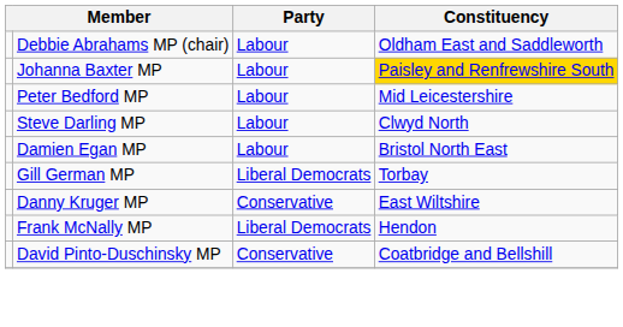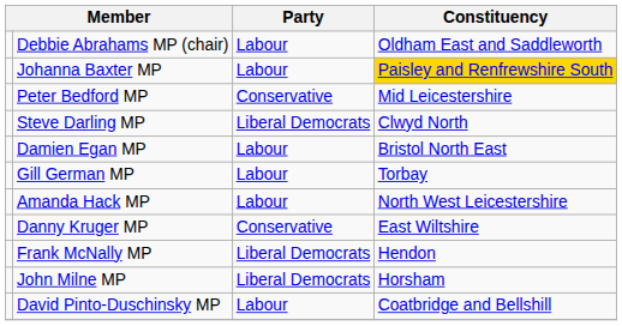 <table class="wikitable">
 <tr>
 <th colspan="2" valign="top">Member</th>
 <th valign="top">Party</th>
 <th valign="top">Constituency</th>
 </tr>
 <tr>
 <td style="color:inherit;background:"></td>
 <td><a href='#'>Debbie Abrahams</a> MP (chair)</td>
 <td><a href='#'>Labour</a></td>
 <td><a href='#'>Oldham East and Saddleworth</a></td>
 </tr>
 <tr>
 <td style="color:inherit;background:"></td>
 <td><a href='#'>Johanna Baxter</a> MP</td>
 <td><a href='#'>Labour</a></td>
 <td style="background: gold;"><a href='#'>Paisley and Renfrewshire South</a></td>
 </tr>
 <tr>
 <td style="color:inherit;background:"></td>
 <td><a href='#'>Peter Bedford</a> MP</td>
-<td><a href='#'>Labour</a></td>
+<td><a href='#'>Conservative</a></td>
 <td><a href='#'>Mid Leicestershire</a></td>
 </tr>
 <tr>
 <td style="color:inherit;background:"></td>
 <td><a href='#'>Steve Darling</a> MP</td>
-<td><a href='#'>Labour</a></td>
+<td><a href='#'>Liberal Democrats</a></td>
 <td><a href='#'>Clwyd North</a></td>
 </tr>
 <tr>
 <td style="color:inherit;background:"></td>
 <td><a href='#'>Damien Egan</a> MP</td>
 <td><a href='#'>Labour</a></td>
 <td><a href='#'>Bristol North East</a></td>
 </tr>
 <tr>
 <td style="color:inherit;background:"></td>
 <td><a href='#'>Gill German</a> MP</td>
-<td><a href='#'>Liberal Democrats</a></td>
+<td><a href='#'>Labour</a></td>
 <td><a href='#'>Torbay</a></td>
+</tr>
+<tr>
+<td style="color:inherit;background:"></td>
+<td><a href='#'>Amanda Hack</a> MP</td>
+<td><a href='#'>Labour</a></td>
+<td><a href='#'>North West Leicestershire</a></td>
 </tr>
 <tr>
 <td style="color:inherit;background:"></td>
 <td><a href='#'>Danny Kruger</a> MP</td>
 <td><a href='#'>Conservative</a></td>
 <td><a href='#'>East Wiltshire</a></td>
 </tr>
 <tr>
 <td style="color:inherit;background:"></td>
 <td><a href='#'>Frank McNally</a> MP</td>
 <td><a href='#'>Liberal Democrats</a></td>
 <td><a href='#'>Hendon</a></td>
 </tr>
 <tr>
 <td style="color:inherit;background:"></td>
+<td><a href='#'>John Milne</a> MP</td>
+<td><a href='#'>Liberal Democrats</a></td>
+<td><a href='#'>Horsham</a></td>
+</tr>
+<tr>
+<td style="color:inherit;background:"></td>
 <td><a href='#'>David Pinto-Duschinsky</a> MP</td>
-<td><a href='#'>Conservative</a></td>
+<td><a href='#'>Labour</a></td>
 <td><a href='#'>Coatbridge and Bellshill</a></td>
 </tr>
 <tr>
 </tr>
 </table>
